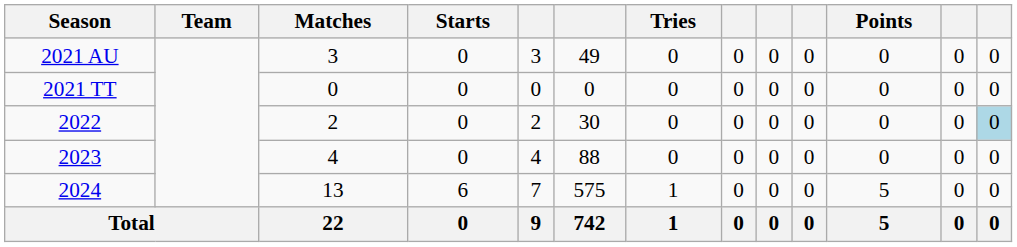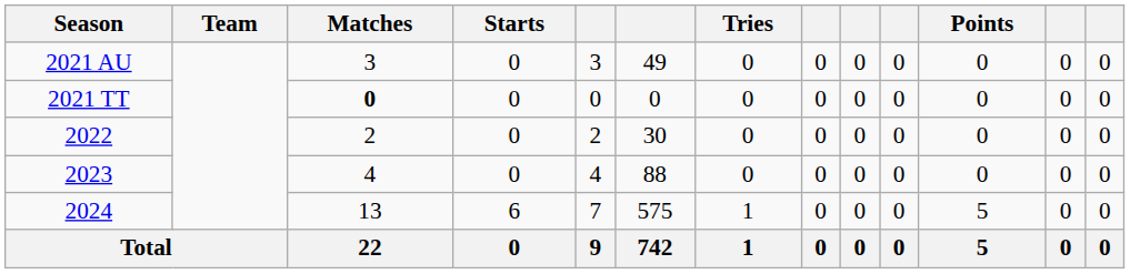 <table class="wikitable" style="text-align:center;width:60%">
 <tr>
 <th>Season</th>
 <th>Team</th>
 <th>Matches</th>
 <th>Starts</th>
 <th></th>
 <th></th>
 <th>Tries</th>
 <th></th>
 <th></th>
 <th></th>
 <th>Points</th>
 <th> </th>
 <th> </th>
 </tr>
 <tr>
 <td><a href='#'>2021 AU</a></td>
 <td rowspan=5></td>
 <td>3</td>
 <td>0</td>
 <td>3</td>
 <td>49</td>
 <td>0</td>
 <td>0</td>
 <td>0</td>
 <td>0</td>
 <td>0</td>
 <td>0</td>
 <td>0</td>
 </tr>
 <tr>
 <td><a href='#'>2021 TT</a></td>
-<td>0</td>
+<td><strong>0</strong></td>
 <td>0</td>
 <td>0</td>
 <td>0</td>
 <td>0</td>
 <td>0</td>
 <td>0</td>
 <td>0</td>
 <td>0</td>
 <td>0</td>
 <td>0</td>
 </tr>
 <tr>
 <td><a href='#'>2022</a></td>
 <td>2</td>
 <td>0</td>
 <td>2</td>
 <td>30</td>
 <td>0</td>
 <td>0</td>
 <td>0</td>
 <td>0</td>
 <td>0</td>
 <td>0</td>
-<td style="background: lightblue;">0</td>
+<td>0</td>
 </tr>
 <tr>
 <td><a href='#'>2023</a></td>
 <td>4</td>
 <td>0</td>
 <td>4</td>
 <td>88</td>
 <td>0</td>
 <td>0</td>
 <td>0</td>
 <td>0</td>
 <td>0</td>
 <td>0</td>
 <td>0</td>
 </tr>
 <tr>
 <td><a href='#'>2024</a></td>
 <td>13</td>
 <td>6</td>
 <td>7</td>
 <td>575</td>
 <td>1</td>
 <td>0</td>
 <td>0</td>
 <td>0</td>
 <td>5</td>
 <td>0</td>
 <td>0</td>
 </tr>
 <tr>
 <th colspan="2">Total</th>
 <th>22</th>
 <th>0</th>
 <th>9</th>
 <th>742</th>
 <th>1</th>
 <th>0</th>
 <th>0</th>
 <th>0</th>
 <th>5</th>
 <th>0</th>
 <th>0</th>
 </tr>
 </table>
